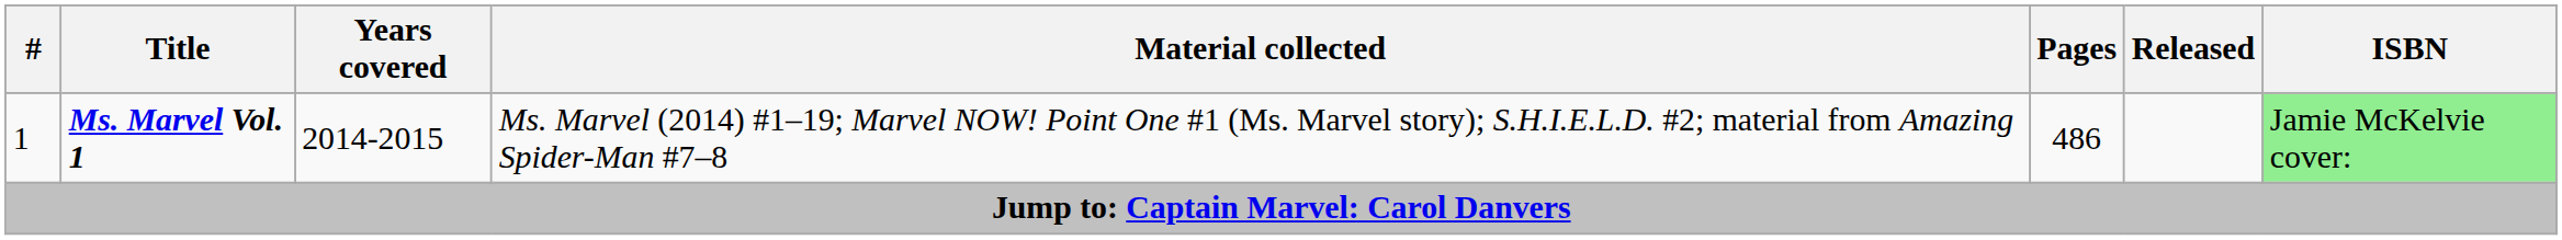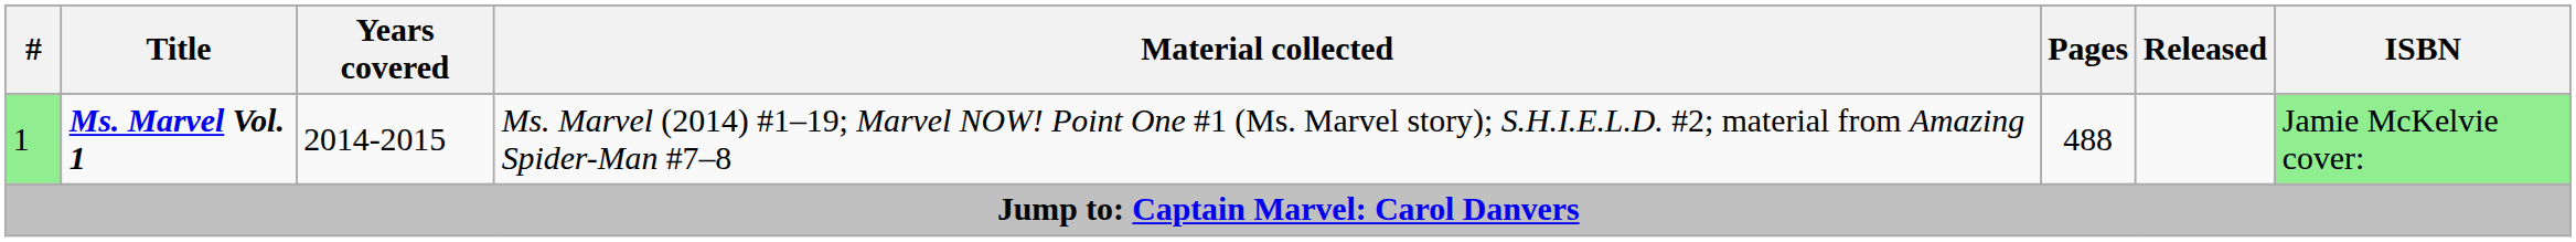 <table class="wikitable sortable" width="99%">
 <tr>
 <th class="unsortable" width="20px">#</th>
 <th>Title</th>
 <th>Years covered</th>
 <th class="unsortable">Material collected</th>
 <th>Pages</th>
 <th>Released</th>
 <th class="unsortable">ISBN</th>
 </tr>
 <tr>
-<td>1</td>
+<td style="background: lightgreen;">1</td>
 <td><strong><em><a href='#'>Ms. Marvel</a> Vol. 1</em></strong></td>
 <td>2014-2015</td>
 <td><em>Ms. Marvel</em> (2014) #1–19; <em>Marvel NOW! Point One</em> #1 (Ms. Marvel story); <em>S.H.I.E.L.D.</em> #2; material from <em>Amazing Spider-Man</em> #7–8</td>
-<td style="text-align: center;">486</td>
+<td style="text-align: center;">488</td>
 <td></td>
 <td style="background: lightgreen;">Jamie McKelvie cover: </td>
 </tr>
 <tr>
 <th colspan="7" style="background-color: silver;">Jump to: <a href='#'>Captain Marvel: Carol Danvers</a></th>
 </tr>
 </table>
